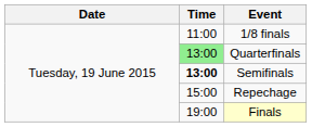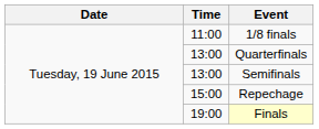 <table class = "wikitable" style="text-align:center;">
 <tr>
 <th width=220>Date</th>
 <th width=50>Time</th>
 <th width=100>Event</th>
 </tr>
 <tr>
 <td rowspan=5>Tuesday, 19 June 2015</td>
 <td>11:00</td>
 <td>1/8 finals</td>
 </tr>
 <tr>
-<td style="background: lightgreen;">13:00</td>
+<td>13:00</td>
 <td>Quarterfinals</td>
 </tr>
 <tr>
-<td><strong>13:00</strong></td>
+<td>13:00</td>
 <td>Semifinals</td>
 </tr>
 <tr>
 <td>15:00</td>
 <td>Repechage</td>
 </tr>
 <tr>
 <td>19:00</td>
 <td bgcolor=ffffcc>Finals</td>
 </tr>
 </table>
